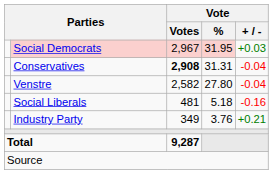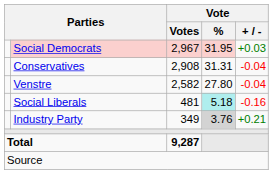 <table class="wikitable" style="text-align:right;">
 <tr>
 <th style="text-align:centre;" rowspan="2" colspan="2" width="225">Parties</th>
 <th colspan="3">Vote</th>
 </tr>
 <tr>
 <th width="15">Votes</th>
 <th width="15">%</th>
 <th width="15">+ / -</th>
 </tr>
 <tr>
 <td width="2" style="color:inherit;background:"></td>
 <td bgcolor=#fbd0ce  align="left"><a href='#'>Social Democrats</a></td>
 <td bgcolor=#fbd0ce>2,967</td>
 <td bgcolor=#fbd0ce>31.95</td>
 <td style=color:green;>+0.03</td>
 </tr>
 <tr>
 <td width="2" style="color:inherit;background:"></td>
 <td align="left"><a href='#'>Conservatives</a></td>
-<td><strong>2,908</strong></td>
+<td>2,908</td>
 <td>31.31</td>
 <td style=color:red;>-0.04</td>
 </tr>
 <tr>
 <td width="2" style="color:inherit;background:"></td>
 <td align="left"><a href='#'>Venstre</a></td>
 <td>2,582</td>
 <td>27.80</td>
 <td style=color:red;>-0.04</td>
 </tr>
 <tr>
 <td width="2" style="color:inherit;background:"></td>
 <td align="left"><a href='#'>Social Liberals</a></td>
 <td>481</td>
-<td>5.18</td>
+<td style="background: paleturquoise;">5.18</td>
 <td style=color:red;>-0.16</td>
 </tr>
 <tr>
 <td width="2" style="color:inherit;background:"></td>
 <td align="left"><a href='#'>Industry Party</a></td>
 <td>349</td>
-<td>3.76</td>
+<td style="background: lightgrey;">3.76</td>
 <td style=color:green;>+0.21</td>
 </tr>
 <tr>
 <td colspan="7" bgcolor="#E9E9E9"></td>
 </tr>
 <tr>
 <td align="left" colspan="2"><strong>Total</strong></td>
 <td><strong>9,287</strong></td>
 <td bgcolor="#E9E9E9" colspan="2"></td>
 </tr>
 <tr>
 <td align="left" colspan="6">Source</td>
 </tr>
 </table>
